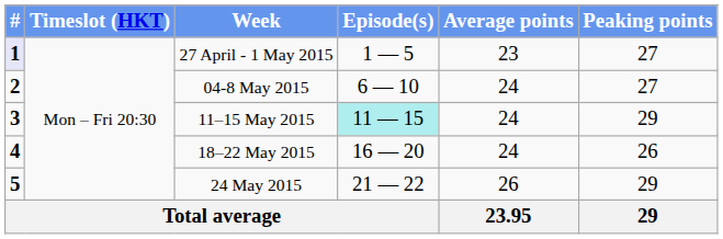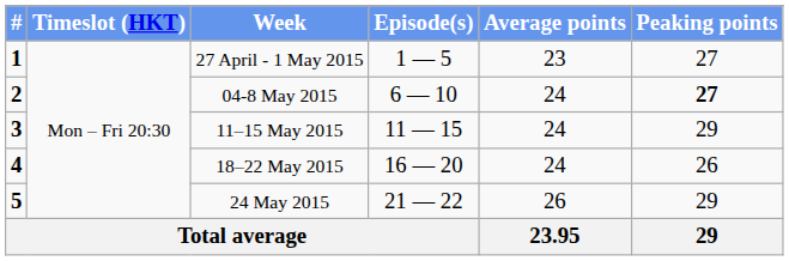 <table class="wikitable" style="text-align:center;">
 <tr style="background:cornflowerblue; color:white" align="center">
 </tr>
 <tr>
 <th style="background:cornflowerblue; color:white" align="center">#</th>
 <th style="background:cornflowerblue; color:white" align="center">Timeslot (<a href='#'>HKT</a>)</th>
 <th style="background:cornflowerblue; color:white" align="center">Week</th>
 <th style="background:cornflowerblue; color:white" align="center">Episode(s)</th>
 <th style="background:cornflowerblue; color:white" align="center">Average points</th>
 <th style="background:cornflowerblue; color:white" align="center">Peaking points</th>
 </tr>
 <tr>
-<td style="background: lavender;"><strong>1</strong></td>
+<td><strong>1</strong></td>
 <td rowspan="5"><small>Mon – Fri 20:30</small></td>
 <td><small>27 April - 1 May 2015</small></td>
 <td>1 — 5</td>
 <td>23</td>
 <td>27</td>
 </tr>
 <tr>
 <td><strong>2</strong></td>
 <td><small>04-8 May 2015</small></td>
 <td>6 — 10</td>
 <td>24</td>
-<td>27</td>
+<td><strong>27</strong></td>
 </tr>
 <tr>
 <td><strong>3</strong></td>
 <td><small>11–15 May 2015</small></td>
-<td style="background: paleturquoise;">11 — 15</td>
+<td>11 — 15</td>
 <td>24</td>
 <td>29</td>
 </tr>
 <tr>
 <td><strong>4</strong></td>
 <td><small>18–22 May 2015</small></td>
 <td>16 — 20</td>
 <td>24</td>
 <td>26</td>
 </tr>
 <tr>
 <td><strong>5</strong></td>
 <td><small>24 May 2015</small></td>
 <td>21 — 22</td>
 <td>26</td>
 <td>29</td>
 </tr>
 <tr>
 <th colspan="4"><strong>Total average</strong></th>
 <th><strong>23.95</strong></th>
 <th><strong>29</strong></th>
 </tr>
 </table>
